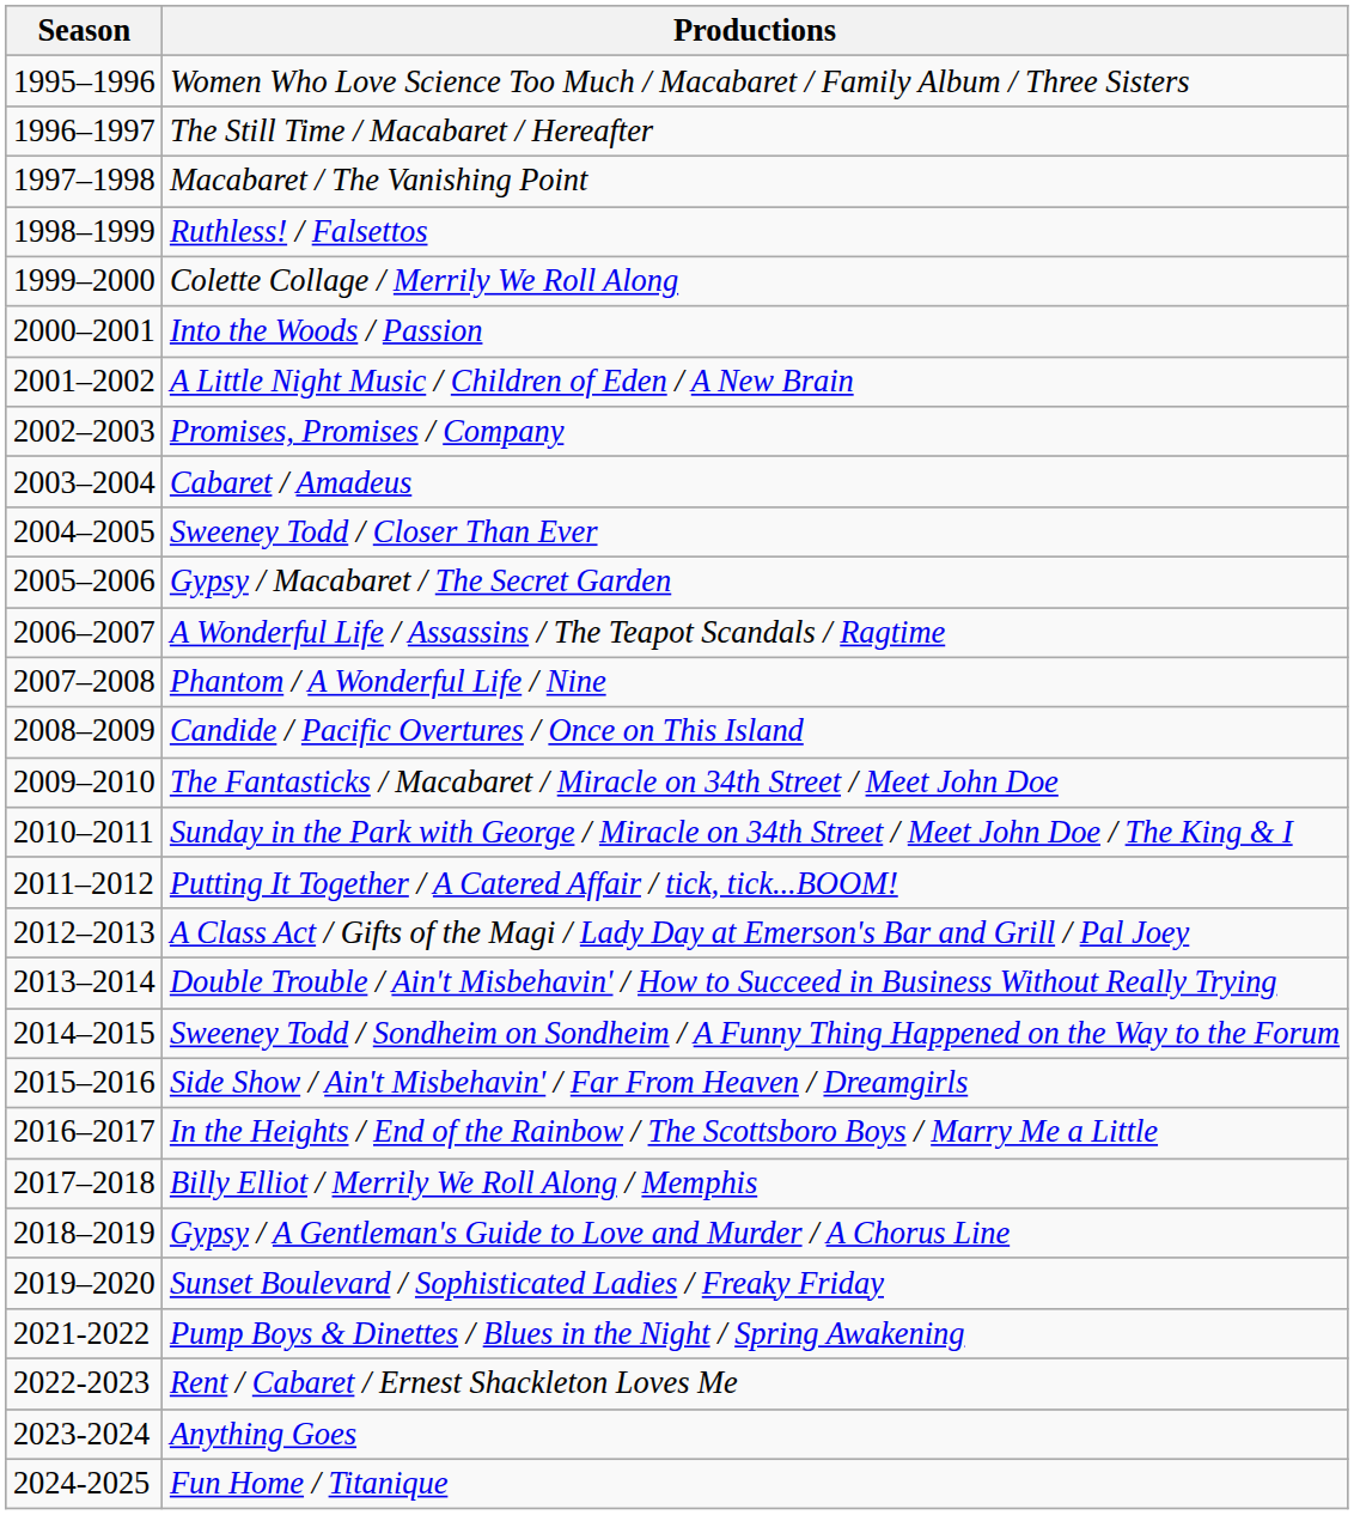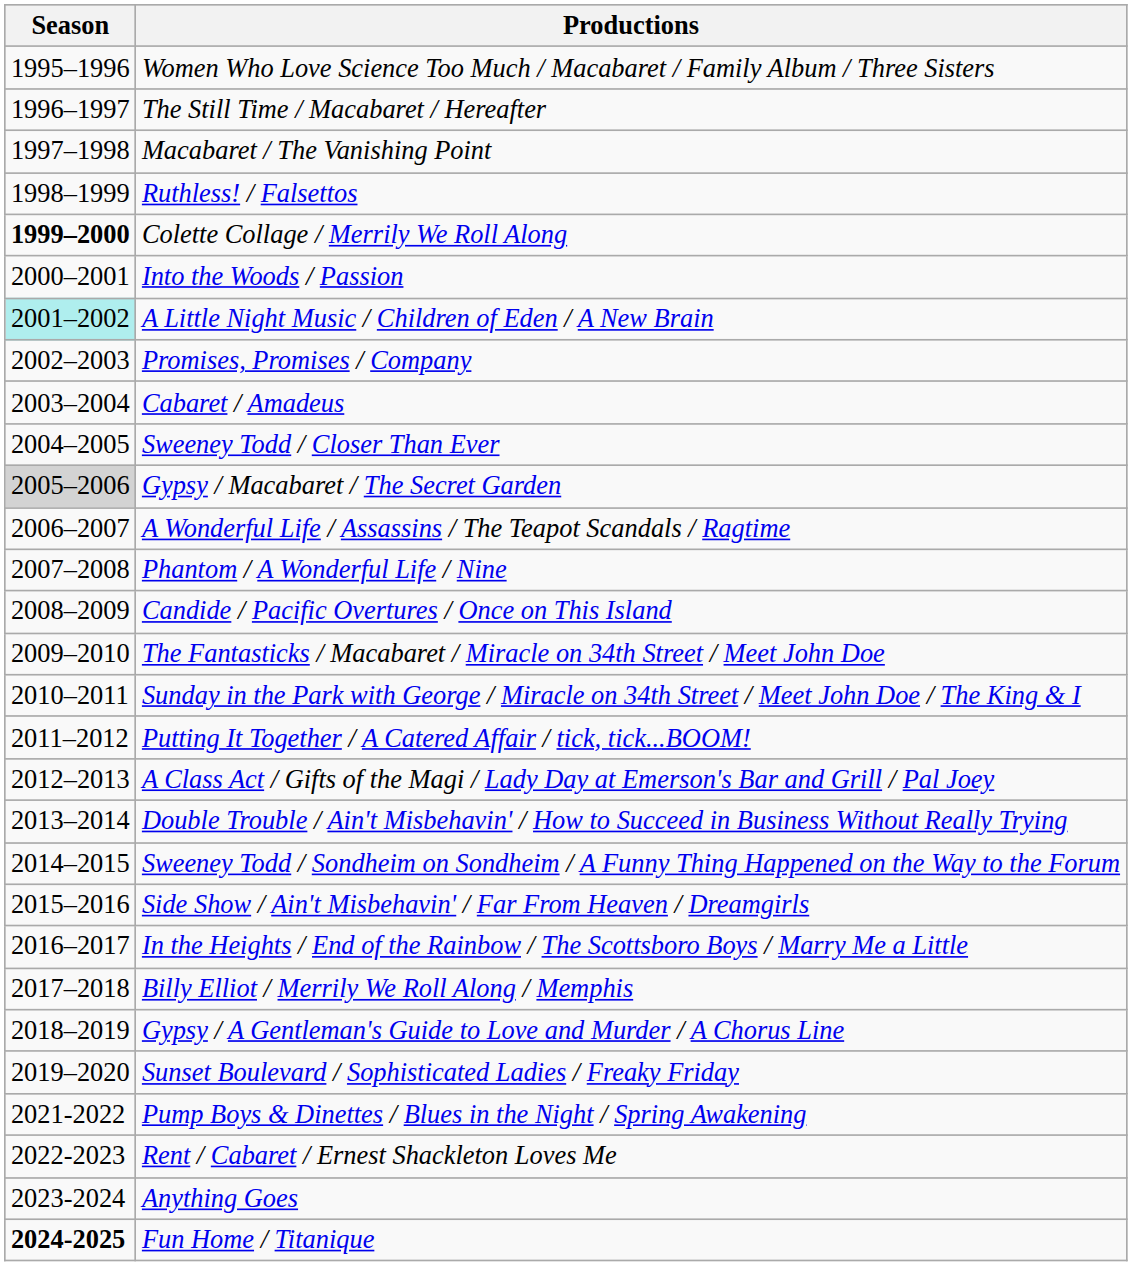 <table class="wikitable">
 <tr>
 <th>Season</th>
 <th>Productions</th>
 </tr>
 <tr>
 <td>1995–1996</td>
 <td><em>Women Who Love Science Too Much / Macabaret / Family Album / Three Sisters</em></td>
 </tr>
 <tr>
 <td>1996–1997</td>
 <td><em>The Still Time / Macabaret / Hereafter</em></td>
 </tr>
 <tr>
 <td>1997–1998</td>
 <td><em>Macabaret / The Vanishing Point</em></td>
 </tr>
 <tr>
 <td>1998–1999</td>
 <td><em><a href='#'>Ruthless!</a> / <a href='#'>Falsettos</a></em></td>
 </tr>
 <tr>
-<td>1999–2000</td>
+<td><strong>1999–2000</strong></td>
 <td><em>Colette Collage / <a href='#'>Merrily We Roll Along</a></em></td>
 </tr>
 <tr>
 <td>2000–2001</td>
 <td><em><a href='#'>Into the Woods</a> / <a href='#'>Passion</a></em></td>
 </tr>
 <tr>
-<td>2001–2002</td>
+<td style="background: paleturquoise;">2001–2002</td>
 <td><em><a href='#'>A Little Night Music</a> / <a href='#'>Children of Eden</a> / <a href='#'>A New Brain</a></em></td>
 </tr>
 <tr>
 <td>2002–2003</td>
 <td><em><a href='#'>Promises, Promises</a> / <a href='#'>Company</a></em></td>
 </tr>
 <tr>
 <td>2003–2004</td>
 <td><em><a href='#'>Cabaret</a> / <a href='#'>Amadeus</a></em></td>
 </tr>
 <tr>
 <td>2004–2005</td>
 <td><em><a href='#'>Sweeney Todd</a> / <a href='#'>Closer Than Ever</a></em></td>
 </tr>
 <tr>
-<td>2005–2006</td>
+<td style="background: lightgrey;">2005–2006</td>
 <td><em><a href='#'>Gypsy</a> / Macabaret / <a href='#'>The Secret Garden</a></em></td>
 </tr>
 <tr>
 <td>2006–2007</td>
 <td><em><a href='#'>A Wonderful Life</a> / <a href='#'>Assassins</a> / The Teapot Scandals / <a href='#'>Ragtime</a></em></td>
 </tr>
 <tr>
 <td>2007–2008</td>
 <td><em><a href='#'>Phantom</a> / <a href='#'>A Wonderful Life</a> / <a href='#'>Nine</a></em></td>
 </tr>
 <tr>
 <td>2008–2009</td>
 <td><em><a href='#'>Candide</a> / <a href='#'>Pacific Overtures</a> / <a href='#'>Once on This Island</a></em></td>
 </tr>
 <tr>
 <td>2009–2010</td>
 <td><em><a href='#'>The Fantasticks</a> / Macabaret / <a href='#'>Miracle on 34th Street</a> / <a href='#'>Meet John Doe</a></em></td>
 </tr>
 <tr>
 <td>2010–2011</td>
 <td><em><a href='#'>Sunday in the Park with George</a> / <a href='#'>Miracle on 34th Street</a> / <a href='#'>Meet John Doe</a> / <a href='#'>The King & I</a></em></td>
 </tr>
 <tr>
 <td>2011–2012</td>
 <td><em><a href='#'>Putting It Together</a> / <a href='#'>A Catered Affair</a> / <a href='#'>tick, tick...BOOM!</a></em></td>
 </tr>
 <tr>
 <td>2012–2013</td>
 <td><em><a href='#'>A Class Act</a> / Gifts of the Magi / <a href='#'>Lady Day at Emerson's Bar and Grill</a> / <a href='#'>Pal Joey</a></em></td>
 </tr>
 <tr>
 <td>2013–2014</td>
 <td><em><a href='#'>Double Trouble</a> / <a href='#'>Ain't Misbehavin'</a> / <a href='#'>How to Succeed in Business Without Really Trying</a></em></td>
 </tr>
 <tr>
 <td>2014–2015</td>
 <td><em><a href='#'>Sweeney Todd</a> / <a href='#'>Sondheim on Sondheim</a> / <a href='#'>A Funny Thing Happened on the Way to the Forum</a></em></td>
 </tr>
 <tr>
 <td>2015–2016</td>
 <td><em><a href='#'>Side Show</a> / <a href='#'>Ain't Misbehavin'</a> / <a href='#'>Far From Heaven</a> / <a href='#'>Dreamgirls</a></em></td>
 </tr>
 <tr>
 <td>2016–2017</td>
 <td><em><a href='#'>In the Heights</a> / <a href='#'>End of the Rainbow</a> / <a href='#'>The Scottsboro Boys</a> / <a href='#'>Marry Me a Little</a></em></td>
 </tr>
 <tr>
 <td>2017–2018</td>
 <td><em><a href='#'>Billy Elliot</a> / <a href='#'>Merrily We Roll Along</a> / <a href='#'>Memphis</a></em></td>
 </tr>
 <tr>
 <td>2018–2019</td>
 <td><em><a href='#'>Gypsy</a> / <a href='#'>A Gentleman's Guide to Love and Murder</a> / <a href='#'>A Chorus Line</a></em></td>
 </tr>
 <tr>
 <td>2019–2020</td>
 <td><em><a href='#'>Sunset Boulevard</a> / <a href='#'>Sophisticated Ladies</a> / <a href='#'>Freaky Friday</a></em></td>
 </tr>
 <tr>
 <td>2021-2022</td>
 <td><em><a href='#'>Pump Boys & Dinettes</a> / <a href='#'>Blues in the Night</a> / <a href='#'>Spring Awakening</a></em></td>
 </tr>
 <tr>
 <td>2022-2023</td>
 <td><em><a href='#'>Rent</a> / <a href='#'>Cabaret</a> / Ernest Shackleton Loves Me</em></td>
 </tr>
 <tr>
 <td>2023-2024</td>
 <td><em><a href='#'>Anything Goes</a></em></td>
 </tr>
 <tr>
-<td>2024-2025</td>
+<td><strong>2024-2025</strong></td>
 <td><em><a href='#'>Fun Home</a> / <a href='#'>Titanique</a></em></td>
 </tr>
 </table>
